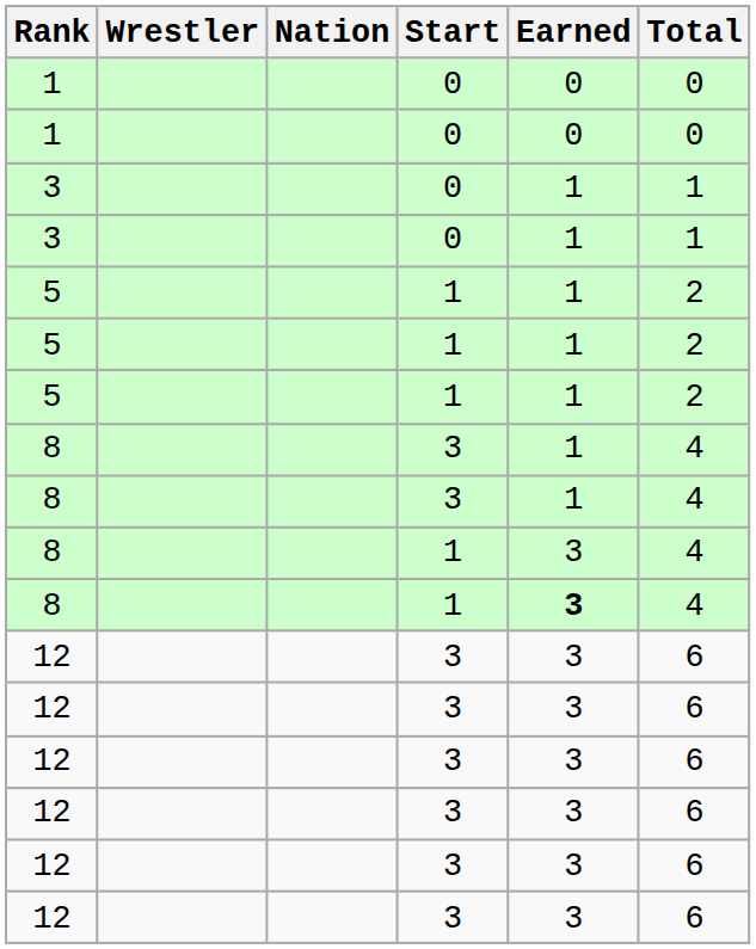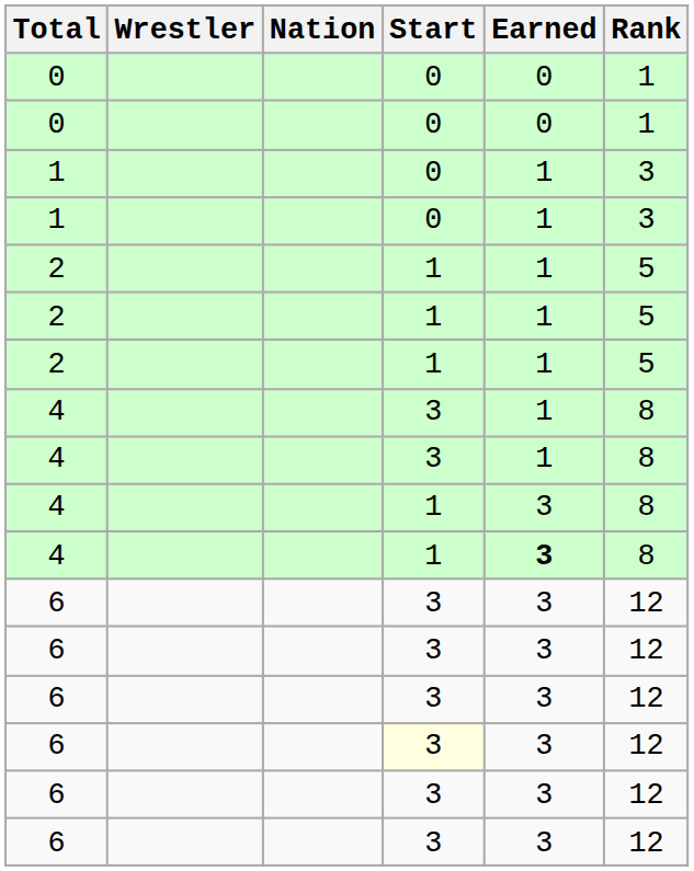 <table class="wikitable sortable" style="text-align:center;">
 <tr>
-<th>Rank</th>
+<th>Total</th>
 <th>Wrestler</th>
 <th>Nation</th>
 <th>Start</th>
 <th>Earned</th>
-<th>Total</th>
+<th>Rank</th>
+</tr>
+<tr style="background:#cfc;">
+<td>0</td>
+<td align=left></td>
+<td align=left></td>
+<td>0</td>
+<td>0</td>
+<td>1</td>
+</tr>
+<tr style="background:#cfc;">
+<td>0</td>
+<td align=left></td>
+<td align=left></td>
+<td>0</td>
+<td>0</td>
+<td>1</td>
 </tr>
 <tr style="background:#cfc;">
 <td>1</td>
 <td align=left></td>
 <td align=left></td>
 <td>0</td>
-<td>0</td>
-<td>0</td>
+<td>1</td>
+<td>3</td>
 </tr>
 <tr style="background:#cfc;">
 <td>1</td>
 <td align=left></td>
 <td align=left></td>
 <td>0</td>
-<td>0</td>
-<td>0</td>
+<td>1</td>
+<td>3</td>
 </tr>
 <tr style="background:#cfc;">
-<td>3</td>
-<td align=left></td>
-<td align=left></td>
-<td>0</td>
-<td>1</td>
-<td>1</td>
-</tr>
-<tr style="background:#cfc;">
-<td>3</td>
-<td align=left></td>
-<td align=left></td>
-<td>0</td>
-<td>1</td>
-<td>1</td>
-</tr>
-<tr style="background:#cfc;">
-<td>5</td>
+<td>2</td>
 <td align=left></td>
 <td align=left></td>
 <td>1</td>
 <td>1</td>
-<td>2</td>
+<td>5</td>
 </tr>
 <tr style="background:#cfc;">
-<td>5</td>
+<td>2</td>
 <td align=left></td>
 <td align=left></td>
 <td>1</td>
 <td>1</td>
-<td>2</td>
+<td>5</td>
 </tr>
 <tr style="background:#cfc;">
-<td>5</td>
+<td>2</td>
 <td align=left></td>
 <td align=left></td>
 <td>1</td>
 <td>1</td>
-<td>2</td>
+<td>5</td>
 </tr>
 <tr style="background:#cfc;">
-<td>8</td>
+<td>4</td>
 <td align=left></td>
 <td align=left></td>
 <td>3</td>
 <td>1</td>
-<td>4</td>
+<td>8</td>
 </tr>
 <tr style="background:#cfc;">
-<td>8</td>
+<td>4</td>
 <td align=left></td>
 <td align=left></td>
 <td>3</td>
 <td>1</td>
-<td>4</td>
+<td>8</td>
 </tr>
 <tr style="background:#cfc;">
-<td>8</td>
+<td>4</td>
 <td align=left></td>
 <td align=left></td>
 <td>1</td>
 <td>3</td>
-<td>4</td>
+<td>8</td>
 </tr>
 <tr style="background:#cfc;">
-<td>8</td>
+<td>4</td>
 <td align=left></td>
 <td align=left></td>
 <td>1</td>
 <td><strong>3</strong></td>
-<td>4</td>
+<td>8</td>
 </tr>
 <tr>
-<td>12</td>
+<td>6</td>
 <td align=left></td>
 <td align=left></td>
 <td>3</td>
 <td>3</td>
-<td>6</td>
+<td>12</td>
 </tr>
 <tr>
-<td>12</td>
+<td>6</td>
 <td align=left></td>
 <td align=left></td>
 <td>3</td>
 <td>3</td>
-<td>6</td>
+<td>12</td>
 </tr>
 <tr>
-<td>12</td>
+<td>6</td>
 <td align=left></td>
 <td align=left></td>
 <td>3</td>
 <td>3</td>
-<td>6</td>
+<td>12</td>
 </tr>
 <tr>
+<td>6</td>
+<td align=left></td>
+<td align=left></td>
+<td style="background: lightyellow;">3</td>
+<td>3</td>
 <td>12</td>
+</tr>
+<tr>
+<td>6</td>
 <td align=left></td>
 <td align=left></td>
 <td>3</td>
 <td>3</td>
-<td>6</td>
+<td>12</td>
 </tr>
 <tr>
-<td>12</td>
+<td>6</td>
 <td align=left></td>
 <td align=left></td>
 <td>3</td>
 <td>3</td>
-<td>6</td>
-</tr>
-<tr>
 <td>12</td>
-<td align=left></td>
-<td align=left></td>
-<td>3</td>
-<td>3</td>
-<td>6</td>
 </tr>
 </table>
